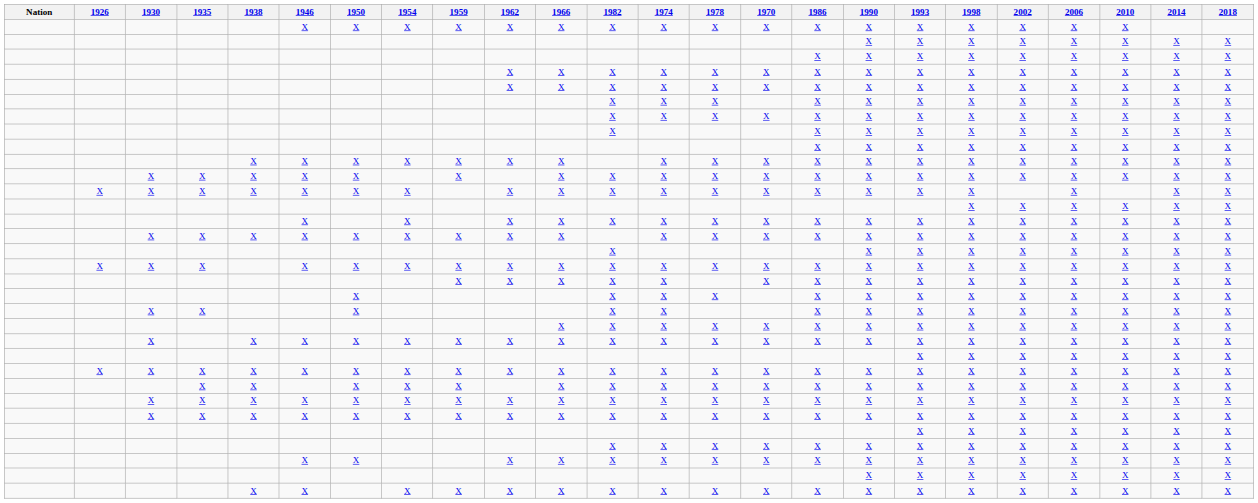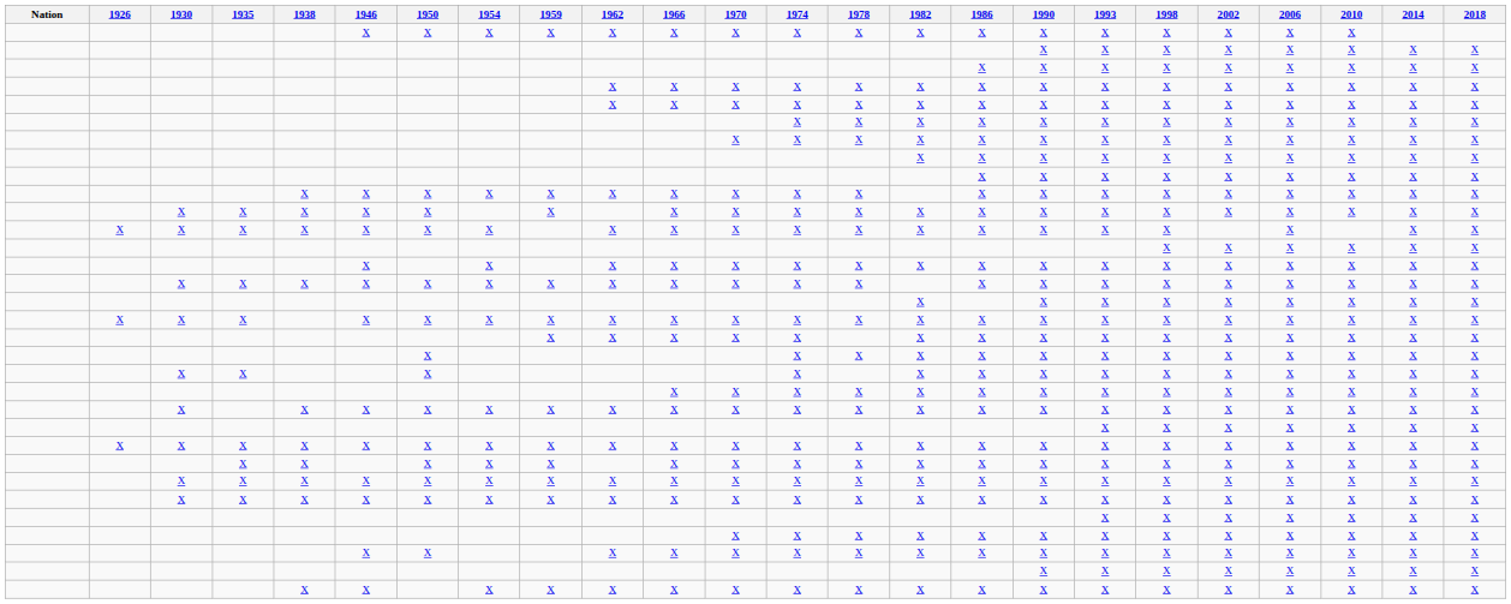 <table class="wikitable" style=" text-align:center; font-size:90%;" width="100%">
 <tr>
 <th>Nation</th>
 <th><a href='#'>1926</a></th>
 <th><a href='#'>1930</a></th>
 <th><a href='#'>1935</a></th>
 <th><a href='#'>1938</a></th>
 <th><a href='#'>1946</a></th>
 <th><a href='#'>1950</a></th>
 <th><a href='#'>1954</a></th>
 <th><a href='#'>1959</a></th>
 <th><a href='#'>1962</a></th>
 <th><a href='#'>1966</a></th>
-<th><a href='#'>1982</a></th>
+<th><a href='#'>1970</a></th>
 <th><a href='#'>1974</a></th>
 <th><a href='#'>1978</a></th>
-<th><a href='#'>1970</a></th>
+<th><a href='#'>1982</a></th>
 <th><a href='#'>1986</a></th>
 <th><a href='#'>1990</a></th>
 <th><a href='#'>1993</a></th>
 <th><a href='#'>1998</a></th>
 <th><a href='#'>2002</a></th>
 <th><a href='#'>2006</a></th>
 <th><a href='#'>2010</a></th>
 <th><a href='#'>2014</a></th>
 <th><a href='#'>2018</a></th>
 </tr>
 <tr>
 <td align=left></td>
 <td></td>
 <td></td>
 <td></td>
 <td></td>
 <td><a href='#'>X</a></td>
 <td><a href='#'>X</a></td>
 <td><a href='#'>X</a></td>
 <td><a href='#'>X</a></td>
 <td><a href='#'>X</a></td>
 <td><a href='#'>X</a></td>
 <td><a href='#'>X</a></td>
 <td><a href='#'>X</a></td>
 <td><a href='#'>X</a></td>
 <td><a href='#'>X</a></td>
 <td><a href='#'>X</a></td>
 <td><a href='#'>X</a></td>
 <td><a href='#'>X</a></td>
 <td><a href='#'>X</a></td>
 <td><a href='#'>X</a></td>
 <td><a href='#'>X</a></td>
 <td><a href='#'>X</a></td>
 <td></td>
 <td></td>
 </tr>
 <tr>
 <td align=left></td>
 <td></td>
 <td></td>
 <td></td>
 <td></td>
 <td></td>
 <td></td>
 <td></td>
 <td></td>
 <td></td>
 <td></td>
 <td></td>
 <td></td>
 <td></td>
 <td></td>
 <td></td>
 <td><a href='#'>X</a></td>
 <td><a href='#'>X</a></td>
 <td><a href='#'>X</a></td>
 <td><a href='#'>X</a></td>
 <td><a href='#'>X</a></td>
 <td><a href='#'>X</a></td>
 <td><a href='#'>X</a></td>
 <td><a href='#'>X</a></td>
 </tr>
 <tr>
 <td align=left></td>
 <td></td>
 <td></td>
 <td></td>
 <td></td>
 <td></td>
 <td></td>
 <td></td>
 <td></td>
 <td></td>
 <td></td>
 <td></td>
 <td></td>
 <td></td>
 <td></td>
 <td><a href='#'>X</a></td>
 <td><a href='#'>X</a></td>
 <td><a href='#'>X</a></td>
 <td><a href='#'>X</a></td>
 <td><a href='#'>X</a></td>
 <td><a href='#'>X</a></td>
 <td><a href='#'>X</a></td>
 <td><a href='#'>X</a></td>
 <td><a href='#'>X</a></td>
 </tr>
 <tr>
 <td align=left></td>
 <td></td>
 <td></td>
 <td></td>
 <td></td>
 <td></td>
 <td></td>
 <td></td>
 <td></td>
 <td><a href='#'>X</a></td>
 <td><a href='#'>X</a></td>
 <td><a href='#'>X</a></td>
 <td><a href='#'>X</a></td>
 <td><a href='#'>X</a></td>
 <td><a href='#'>X</a></td>
 <td><a href='#'>X</a></td>
 <td><a href='#'>X</a></td>
 <td><a href='#'>X</a></td>
 <td><a href='#'>X</a></td>
 <td><a href='#'>X</a></td>
 <td><a href='#'>X</a></td>
 <td><a href='#'>X</a></td>
 <td><a href='#'>X</a></td>
 <td><a href='#'>X</a></td>
 </tr>
 <tr>
 <td align=left></td>
 <td></td>
 <td></td>
 <td></td>
 <td></td>
 <td></td>
 <td></td>
 <td></td>
 <td></td>
 <td><a href='#'>X</a></td>
 <td><a href='#'>X</a></td>
 <td><a href='#'>X</a></td>
 <td><a href='#'>X</a></td>
 <td><a href='#'>X</a></td>
 <td><a href='#'>X</a></td>
 <td><a href='#'>X</a></td>
 <td><a href='#'>X</a></td>
 <td><a href='#'>X</a></td>
 <td><a href='#'>X</a></td>
 <td><a href='#'>X</a></td>
 <td><a href='#'>X</a></td>
 <td><a href='#'>X</a></td>
 <td><a href='#'>X</a></td>
 <td><a href='#'>X</a></td>
 </tr>
 <tr>
 <td align=left></td>
 <td></td>
 <td></td>
 <td></td>
 <td></td>
 <td></td>
 <td></td>
 <td></td>
 <td></td>
 <td></td>
 <td></td>
+<td></td>
 <td><a href='#'>X</a></td>
 <td><a href='#'>X</a></td>
 <td><a href='#'>X</a></td>
-<td></td>
 <td><a href='#'>X</a></td>
 <td><a href='#'>X</a></td>
 <td><a href='#'>X</a></td>
 <td><a href='#'>X</a></td>
 <td><a href='#'>X</a></td>
 <td><a href='#'>X</a></td>
 <td><a href='#'>X</a></td>
 <td><a href='#'>X</a></td>
 <td><a href='#'>X</a></td>
 </tr>
 <tr>
 <td align=left></td>
 <td></td>
 <td></td>
 <td></td>
 <td></td>
 <td></td>
 <td></td>
 <td></td>
 <td></td>
 <td></td>
 <td></td>
 <td><a href='#'>X</a></td>
 <td><a href='#'>X</a></td>
 <td><a href='#'>X</a></td>
 <td><a href='#'>X</a></td>
 <td><a href='#'>X</a></td>
 <td><a href='#'>X</a></td>
 <td><a href='#'>X</a></td>
 <td><a href='#'>X</a></td>
 <td><a href='#'>X</a></td>
 <td><a href='#'>X</a></td>
 <td><a href='#'>X</a></td>
 <td><a href='#'>X</a></td>
 <td><a href='#'>X</a></td>
 </tr>
 <tr>
 <td align=left></td>
 <td></td>
 <td></td>
 <td></td>
 <td></td>
 <td></td>
 <td></td>
 <td></td>
 <td></td>
 <td></td>
 <td></td>
-<td><a href='#'>X</a></td>
 <td></td>
 <td></td>
 <td></td>
+<td><a href='#'>X</a></td>
 <td><a href='#'>X</a></td>
 <td><a href='#'>X</a></td>
 <td><a href='#'>X</a></td>
 <td><a href='#'>X</a></td>
 <td><a href='#'>X</a></td>
 <td><a href='#'>X</a></td>
 <td><a href='#'>X</a></td>
 <td><a href='#'>X</a></td>
 <td><a href='#'>X</a></td>
 </tr>
 <tr>
 <td align=left></td>
 <td></td>
 <td></td>
 <td></td>
 <td></td>
 <td></td>
 <td></td>
 <td></td>
 <td></td>
 <td></td>
 <td></td>
 <td></td>
 <td></td>
 <td></td>
 <td></td>
 <td><a href='#'>X</a></td>
 <td><a href='#'>X</a></td>
 <td><a href='#'>X</a></td>
 <td><a href='#'>X</a></td>
 <td><a href='#'>X</a></td>
 <td><a href='#'>X</a></td>
 <td><a href='#'>X</a></td>
 <td><a href='#'>X</a></td>
 <td><a href='#'>X</a></td>
 </tr>
 <tr>
 <td align=left></td>
 <td></td>
 <td></td>
 <td></td>
 <td><a href='#'>X</a></td>
 <td><a href='#'>X</a></td>
 <td><a href='#'>X</a></td>
 <td><a href='#'>X</a></td>
 <td><a href='#'>X</a></td>
 <td><a href='#'>X</a></td>
 <td><a href='#'>X</a></td>
-<td></td>
 <td><a href='#'>X</a></td>
 <td><a href='#'>X</a></td>
 <td><a href='#'>X</a></td>
+<td></td>
 <td><a href='#'>X</a></td>
 <td><a href='#'>X</a></td>
 <td><a href='#'>X</a></td>
 <td><a href='#'>X</a></td>
 <td><a href='#'>X</a></td>
 <td><a href='#'>X</a></td>
 <td><a href='#'>X</a></td>
 <td><a href='#'>X</a></td>
 <td><a href='#'>X</a></td>
 </tr>
 <tr>
 <td align=left></td>
 <td></td>
 <td><a href='#'>X</a></td>
 <td><a href='#'>X</a></td>
 <td><a href='#'>X</a></td>
 <td><a href='#'>X</a></td>
 <td><a href='#'>X</a></td>
 <td></td>
 <td><a href='#'>X</a></td>
 <td></td>
 <td><a href='#'>X</a></td>
 <td><a href='#'>X</a></td>
 <td><a href='#'>X</a></td>
 <td><a href='#'>X</a></td>
 <td><a href='#'>X</a></td>
 <td><a href='#'>X</a></td>
 <td><a href='#'>X</a></td>
 <td><a href='#'>X</a></td>
 <td><a href='#'>X</a></td>
 <td><a href='#'>X</a></td>
 <td><a href='#'>X</a></td>
 <td><a href='#'>X</a></td>
 <td><a href='#'>X</a></td>
 <td><a href='#'>X</a></td>
 </tr>
 <tr>
 <td align=left></td>
 <td><a href='#'>X</a></td>
 <td><a href='#'>X</a></td>
 <td><a href='#'>X</a></td>
 <td><a href='#'>X</a></td>
 <td><a href='#'>X</a></td>
 <td><a href='#'>X</a></td>
 <td><a href='#'>X</a></td>
 <td></td>
 <td><a href='#'>X</a></td>
 <td><a href='#'>X</a></td>
 <td><a href='#'>X</a></td>
 <td><a href='#'>X</a></td>
 <td><a href='#'>X</a></td>
 <td><a href='#'>X</a></td>
 <td><a href='#'>X</a></td>
 <td><a href='#'>X</a></td>
 <td><a href='#'>X</a></td>
 <td><a href='#'>X</a></td>
 <td></td>
 <td><a href='#'>X</a></td>
 <td></td>
 <td><a href='#'>X</a></td>
 <td><a href='#'>X</a></td>
 </tr>
 <tr>
 <td align=left></td>
 <td></td>
 <td></td>
 <td></td>
 <td></td>
 <td></td>
 <td></td>
 <td></td>
 <td></td>
 <td></td>
 <td></td>
 <td></td>
 <td></td>
 <td></td>
 <td></td>
 <td></td>
 <td></td>
 <td></td>
 <td><a href='#'>X</a></td>
 <td><a href='#'>X</a></td>
 <td><a href='#'>X</a></td>
 <td><a href='#'>X</a></td>
 <td><a href='#'>X</a></td>
 <td><a href='#'>X</a></td>
 </tr>
 <tr>
 <td align=left></td>
 <td></td>
 <td></td>
 <td></td>
 <td></td>
 <td><a href='#'>X</a></td>
 <td></td>
 <td><a href='#'>X</a></td>
 <td></td>
 <td><a href='#'>X</a></td>
 <td><a href='#'>X</a></td>
 <td><a href='#'>X</a></td>
 <td><a href='#'>X</a></td>
 <td><a href='#'>X</a></td>
 <td><a href='#'>X</a></td>
 <td><a href='#'>X</a></td>
 <td><a href='#'>X</a></td>
 <td><a href='#'>X</a></td>
 <td><a href='#'>X</a></td>
 <td><a href='#'>X</a></td>
 <td><a href='#'>X</a></td>
 <td><a href='#'>X</a></td>
 <td><a href='#'>X</a></td>
 <td><a href='#'>X</a></td>
 </tr>
 <tr>
 <td align=left></td>
 <td></td>
 <td><a href='#'>X</a></td>
 <td><a href='#'>X</a></td>
 <td><a href='#'>X</a></td>
 <td><a href='#'>X</a></td>
 <td><a href='#'>X</a></td>
 <td><a href='#'>X</a></td>
 <td><a href='#'>X</a></td>
 <td><a href='#'>X</a></td>
 <td><a href='#'>X</a></td>
-<td></td>
 <td><a href='#'>X</a></td>
 <td><a href='#'>X</a></td>
 <td><a href='#'>X</a></td>
+<td></td>
 <td><a href='#'>X</a></td>
 <td><a href='#'>X</a></td>
 <td><a href='#'>X</a></td>
 <td><a href='#'>X</a></td>
 <td><a href='#'>X</a></td>
 <td><a href='#'>X</a></td>
 <td><a href='#'>X</a></td>
 <td><a href='#'>X</a></td>
 <td><a href='#'>X</a></td>
 </tr>
 <tr>
 <td align=left></td>
 <td></td>
 <td></td>
 <td></td>
 <td></td>
 <td></td>
 <td></td>
 <td></td>
 <td></td>
 <td></td>
 <td></td>
-<td><a href='#'>X</a></td>
 <td></td>
 <td></td>
 <td></td>
+<td><a href='#'>X</a></td>
 <td></td>
 <td><a href='#'>X</a></td>
 <td><a href='#'>X</a></td>
 <td><a href='#'>X</a></td>
 <td><a href='#'>X</a></td>
 <td><a href='#'>X</a></td>
 <td><a href='#'>X</a></td>
 <td><a href='#'>X</a></td>
 <td><a href='#'>X</a></td>
 </tr>
 <tr>
 <td align=left></td>
 <td><a href='#'>X</a></td>
 <td><a href='#'>X</a></td>
 <td><a href='#'>X</a></td>
 <td></td>
 <td><a href='#'>X</a></td>
 <td><a href='#'>X</a></td>
 <td><a href='#'>X</a></td>
 <td><a href='#'>X</a></td>
 <td><a href='#'>X</a></td>
 <td><a href='#'>X</a></td>
 <td><a href='#'>X</a></td>
 <td><a href='#'>X</a></td>
 <td><a href='#'>X</a></td>
 <td><a href='#'>X</a></td>
 <td><a href='#'>X</a></td>
 <td><a href='#'>X</a></td>
 <td><a href='#'>X</a></td>
 <td><a href='#'>X</a></td>
 <td><a href='#'>X</a></td>
 <td><a href='#'>X</a></td>
 <td><a href='#'>X</a></td>
 <td><a href='#'>X</a></td>
 <td><a href='#'>X</a></td>
 </tr>
 <tr>
 <td align=left></td>
 <td></td>
 <td></td>
 <td></td>
 <td></td>
 <td></td>
 <td></td>
 <td></td>
 <td><a href='#'>X</a></td>
 <td><a href='#'>X</a></td>
 <td><a href='#'>X</a></td>
 <td><a href='#'>X</a></td>
 <td><a href='#'>X</a></td>
 <td></td>
 <td><a href='#'>X</a></td>
 <td><a href='#'>X</a></td>
 <td><a href='#'>X</a></td>
 <td><a href='#'>X</a></td>
 <td><a href='#'>X</a></td>
 <td><a href='#'>X</a></td>
 <td><a href='#'>X</a></td>
 <td><a href='#'>X</a></td>
 <td><a href='#'>X</a></td>
 <td><a href='#'>X</a></td>
 </tr>
 <tr>
 <td align=left></td>
 <td></td>
 <td></td>
 <td></td>
 <td></td>
 <td></td>
 <td><a href='#'>X</a></td>
 <td></td>
 <td></td>
 <td></td>
 <td></td>
+<td></td>
 <td><a href='#'>X</a></td>
 <td><a href='#'>X</a></td>
 <td><a href='#'>X</a></td>
-<td></td>
 <td><a href='#'>X</a></td>
 <td><a href='#'>X</a></td>
 <td><a href='#'>X</a></td>
 <td><a href='#'>X</a></td>
 <td><a href='#'>X</a></td>
 <td><a href='#'>X</a></td>
 <td><a href='#'>X</a></td>
 <td><a href='#'>X</a></td>
 <td><a href='#'>X</a></td>
 </tr>
 <tr>
 <td align=left></td>
 <td></td>
 <td><a href='#'>X</a></td>
 <td><a href='#'>X</a></td>
 <td></td>
 <td></td>
 <td><a href='#'>X</a></td>
 <td></td>
 <td></td>
 <td></td>
 <td></td>
-<td><a href='#'>X</a></td>
+<td></td>
 <td><a href='#'>X</a></td>
 <td></td>
-<td></td>
+<td><a href='#'>X</a></td>
 <td><a href='#'>X</a></td>
 <td><a href='#'>X</a></td>
 <td><a href='#'>X</a></td>
 <td><a href='#'>X</a></td>
 <td><a href='#'>X</a></td>
 <td><a href='#'>X</a></td>
 <td><a href='#'>X</a></td>
 <td><a href='#'>X</a></td>
 <td><a href='#'>X</a></td>
 </tr>
 <tr>
 <td align=left></td>
 <td></td>
 <td></td>
 <td></td>
 <td></td>
 <td></td>
 <td></td>
 <td></td>
 <td></td>
 <td></td>
 <td><a href='#'>X</a></td>
 <td><a href='#'>X</a></td>
 <td><a href='#'>X</a></td>
 <td><a href='#'>X</a></td>
 <td><a href='#'>X</a></td>
 <td><a href='#'>X</a></td>
 <td><a href='#'>X</a></td>
 <td><a href='#'>X</a></td>
 <td><a href='#'>X</a></td>
 <td><a href='#'>X</a></td>
 <td><a href='#'>X</a></td>
 <td><a href='#'>X</a></td>
 <td><a href='#'>X</a></td>
 <td><a href='#'>X</a></td>
 </tr>
 <tr>
 <td align=left></td>
 <td></td>
 <td><a href='#'>X</a></td>
 <td></td>
 <td><a href='#'>X</a></td>
 <td><a href='#'>X</a></td>
 <td><a href='#'>X</a></td>
 <td><a href='#'>X</a></td>
 <td><a href='#'>X</a></td>
 <td><a href='#'>X</a></td>
 <td><a href='#'>X</a></td>
 <td><a href='#'>X</a></td>
 <td><a href='#'>X</a></td>
 <td><a href='#'>X</a></td>
 <td><a href='#'>X</a></td>
 <td><a href='#'>X</a></td>
 <td><a href='#'>X</a></td>
 <td><a href='#'>X</a></td>
 <td><a href='#'>X</a></td>
 <td><a href='#'>X</a></td>
 <td><a href='#'>X</a></td>
 <td><a href='#'>X</a></td>
 <td><a href='#'>X</a></td>
 <td><a href='#'>X</a></td>
 </tr>
 <tr>
 <td align=left></td>
 <td></td>
 <td></td>
 <td></td>
 <td></td>
 <td></td>
 <td></td>
 <td></td>
 <td></td>
 <td></td>
 <td></td>
 <td></td>
 <td></td>
 <td></td>
 <td></td>
 <td></td>
 <td></td>
 <td><a href='#'>X</a></td>
 <td><a href='#'>X</a></td>
 <td><a href='#'>X</a></td>
 <td><a href='#'>X</a></td>
 <td><a href='#'>X</a></td>
 <td><a href='#'>X</a></td>
 <td><a href='#'>X</a></td>
 </tr>
 <tr>
 <td align=left></td>
 <td><a href='#'>X</a></td>
 <td><a href='#'>X</a></td>
 <td><a href='#'>X</a></td>
 <td><a href='#'>X</a></td>
 <td><a href='#'>X</a></td>
 <td><a href='#'>X</a></td>
 <td><a href='#'>X</a></td>
 <td><a href='#'>X</a></td>
 <td><a href='#'>X</a></td>
 <td><a href='#'>X</a></td>
 <td><a href='#'>X</a></td>
 <td><a href='#'>X</a></td>
 <td><a href='#'>X</a></td>
 <td><a href='#'>X</a></td>
 <td><a href='#'>X</a></td>
 <td><a href='#'>X</a></td>
 <td><a href='#'>X</a></td>
 <td><a href='#'>X</a></td>
 <td><a href='#'>X</a></td>
 <td><a href='#'>X</a></td>
 <td><a href='#'>X</a></td>
 <td><a href='#'>X</a></td>
 <td><a href='#'>X</a></td>
 </tr>
 <tr>
 <td align=left></td>
 <td></td>
 <td></td>
 <td><a href='#'>X</a></td>
 <td><a href='#'>X</a></td>
 <td></td>
 <td><a href='#'>X</a></td>
 <td><a href='#'>X</a></td>
 <td><a href='#'>X</a></td>
 <td></td>
 <td><a href='#'>X</a></td>
 <td><a href='#'>X</a></td>
 <td><a href='#'>X</a></td>
 <td><a href='#'>X</a></td>
 <td><a href='#'>X</a></td>
 <td><a href='#'>X</a></td>
 <td><a href='#'>X</a></td>
 <td><a href='#'>X</a></td>
 <td><a href='#'>X</a></td>
 <td><a href='#'>X</a></td>
 <td><a href='#'>X</a></td>
 <td><a href='#'>X</a></td>
 <td><a href='#'>X</a></td>
 <td><a href='#'>X</a></td>
 </tr>
 <tr>
 <td align=left></td>
 <td></td>
 <td><a href='#'>X</a></td>
 <td><a href='#'>X</a></td>
 <td><a href='#'>X</a></td>
 <td><a href='#'>X</a></td>
 <td><a href='#'>X</a></td>
 <td><a href='#'>X</a></td>
 <td><a href='#'>X</a></td>
 <td><a href='#'>X</a></td>
 <td><a href='#'>X</a></td>
 <td><a href='#'>X</a></td>
 <td><a href='#'>X</a></td>
 <td><a href='#'>X</a></td>
 <td><a href='#'>X</a></td>
 <td><a href='#'>X</a></td>
 <td><a href='#'>X</a></td>
 <td><a href='#'>X</a></td>
 <td><a href='#'>X</a></td>
 <td><a href='#'>X</a></td>
 <td><a href='#'>X</a></td>
 <td><a href='#'>X</a></td>
 <td><a href='#'>X</a></td>
 <td><a href='#'>X</a></td>
 </tr>
 <tr>
 <td align=left></td>
 <td></td>
 <td><a href='#'>X</a></td>
 <td><a href='#'>X</a></td>
 <td><a href='#'>X</a></td>
 <td><a href='#'>X</a></td>
 <td><a href='#'>X</a></td>
 <td><a href='#'>X</a></td>
 <td><a href='#'>X</a></td>
 <td><a href='#'>X</a></td>
 <td><a href='#'>X</a></td>
 <td><a href='#'>X</a></td>
 <td><a href='#'>X</a></td>
 <td><a href='#'>X</a></td>
 <td><a href='#'>X</a></td>
 <td><a href='#'>X</a></td>
 <td><a href='#'>X</a></td>
 <td><a href='#'>X</a></td>
 <td><a href='#'>X</a></td>
 <td><a href='#'>X</a></td>
 <td><a href='#'>X</a></td>
 <td><a href='#'>X</a></td>
 <td><a href='#'>X</a></td>
 <td><a href='#'>X</a></td>
 </tr>
 <tr>
 <td align=left></td>
 <td></td>
 <td></td>
 <td></td>
 <td></td>
 <td></td>
 <td></td>
 <td></td>
 <td></td>
 <td></td>
 <td></td>
 <td></td>
 <td></td>
 <td></td>
 <td></td>
 <td></td>
 <td></td>
 <td><a href='#'>X</a></td>
 <td><a href='#'>X</a></td>
 <td><a href='#'>X</a></td>
 <td><a href='#'>X</a></td>
 <td><a href='#'>X</a></td>
 <td><a href='#'>X</a></td>
 <td><a href='#'>X</a></td>
 </tr>
 <tr>
 <td align=left></td>
 <td></td>
 <td></td>
 <td></td>
 <td></td>
 <td></td>
 <td></td>
 <td></td>
 <td></td>
 <td></td>
 <td></td>
 <td><a href='#'>X</a></td>
 <td><a href='#'>X</a></td>
 <td><a href='#'>X</a></td>
 <td><a href='#'>X</a></td>
 <td><a href='#'>X</a></td>
 <td><a href='#'>X</a></td>
 <td><a href='#'>X</a></td>
 <td><a href='#'>X</a></td>
 <td><a href='#'>X</a></td>
 <td><a href='#'>X</a></td>
 <td><a href='#'>X</a></td>
 <td><a href='#'>X</a></td>
 <td><a href='#'>X</a></td>
 </tr>
 <tr>
 <td align=left></td>
 <td></td>
 <td></td>
 <td></td>
 <td></td>
 <td><a href='#'>X</a></td>
 <td><a href='#'>X</a></td>
 <td></td>
 <td></td>
 <td><a href='#'>X</a></td>
 <td><a href='#'>X</a></td>
 <td><a href='#'>X</a></td>
 <td><a href='#'>X</a></td>
 <td><a href='#'>X</a></td>
 <td><a href='#'>X</a></td>
 <td><a href='#'>X</a></td>
 <td><a href='#'>X</a></td>
 <td><a href='#'>X</a></td>
 <td><a href='#'>X</a></td>
 <td><a href='#'>X</a></td>
 <td><a href='#'>X</a></td>
 <td><a href='#'>X</a></td>
 <td><a href='#'>X</a></td>
 <td><a href='#'>X</a></td>
 </tr>
 <tr>
 <td align=left></td>
 <td></td>
 <td></td>
 <td></td>
 <td></td>
 <td></td>
 <td></td>
 <td></td>
 <td></td>
 <td></td>
 <td></td>
 <td></td>
 <td></td>
 <td></td>
 <td></td>
 <td></td>
 <td><a href='#'>X</a></td>
 <td><a href='#'>X</a></td>
 <td><a href='#'>X</a></td>
 <td><a href='#'>X</a></td>
 <td><a href='#'>X</a></td>
 <td><a href='#'>X</a></td>
 <td><a href='#'>X</a></td>
 <td><a href='#'>X</a></td>
 </tr>
 <tr>
 <td align=left></td>
 <td></td>
 <td></td>
 <td></td>
 <td><a href='#'>X</a></td>
 <td><a href='#'>X</a></td>
 <td></td>
 <td><a href='#'>X</a></td>
 <td><a href='#'>X</a></td>
 <td><a href='#'>X</a></td>
 <td><a href='#'>X</a></td>
 <td><a href='#'>X</a></td>
 <td><a href='#'>X</a></td>
 <td><a href='#'>X</a></td>
 <td><a href='#'>X</a></td>
 <td><a href='#'>X</a></td>
 <td><a href='#'>X</a></td>
 <td><a href='#'>X</a></td>
 <td><a href='#'>X</a></td>
 <td><a href='#'>X</a></td>
 <td><a href='#'>X</a></td>
 <td><a href='#'>X</a></td>
 <td><a href='#'>X</a></td>
 <td><a href='#'>X</a></td>
 </tr>
 </table>
